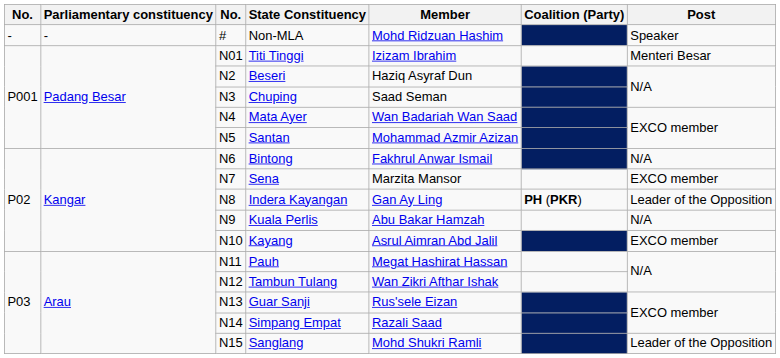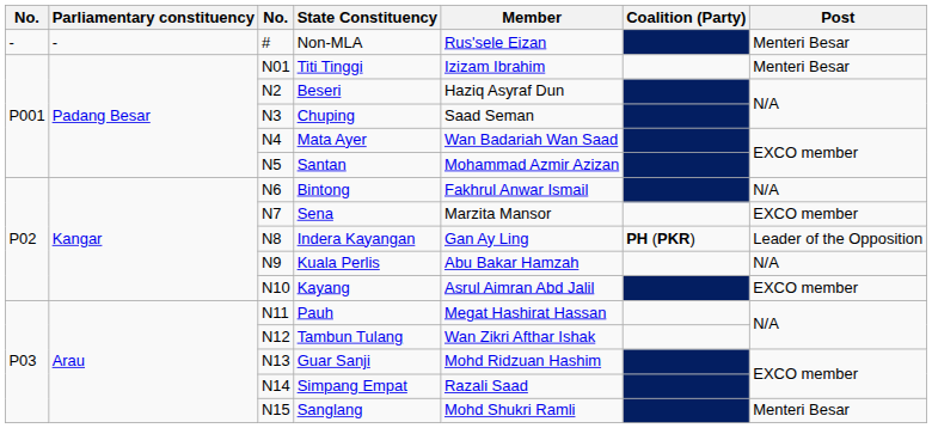 <table class="wikitable sortable">
 <tr>
 <th>No.</th>
 <th>Parliamentary constituency</th>
 <th>No.</th>
 <th>State Constituency</th>
 <th>Member</th>
 <th>Coalition (Party)</th>
 <th>Post</th>
 </tr>
 <tr>
 <td>-</td>
 <td>-</td>
 <td>#</td>
 <td>Non-MLA</td>
-<td><a href='#'>Mohd Ridzuan Hashim</a></td>
+<td><a href='#'>Rus'sele Eizan</a></td>
 <td bgcolor=#031e61></td>
-<td>Speaker</td>
+<td>Menteri Besar</td>
 </tr>
 <tr>
 <td rowspan="5">P001</td>
 <td rowspan="5"><a href='#'>Padang Besar</a></td>
 <td>N01</td>
 <td><a href='#'>Titi Tinggi</a></td>
 <td><a href='#'>Izizam Ibrahim</a></td>
 <td></td>
 <td>Menteri Besar</td>
 </tr>
 <tr>
 <td>N2</td>
 <td><a href='#'>Beseri</a></td>
 <td>Haziq Asyraf Dun</td>
 <td bgcolor=#031e61></td>
 <td rowspan="2">N/A</td>
 </tr>
 <tr>
 <td>N3</td>
 <td><a href='#'>Chuping</a></td>
 <td>Saad Seman</td>
 <td bgcolor=#031e61></td>
 </tr>
 <tr>
 <td>N4</td>
 <td><a href='#'>Mata Ayer</a></td>
 <td><a href='#'>Wan Badariah Wan Saad</a></td>
 <td bgcolor=#031e61></td>
 <td rowspan="2">EXCO member</td>
 </tr>
 <tr>
 <td>N5</td>
 <td><a href='#'>Santan</a></td>
 <td><a href='#'>Mohammad Azmir Azizan</a></td>
 <td bgcolor=#031e61></td>
 </tr>
 <tr>
 <td rowspan="5">P02</td>
 <td rowspan="5"><a href='#'>Kangar</a></td>
 <td>N6</td>
 <td><a href='#'>Bintong</a></td>
 <td><a href='#'>Fakhrul Anwar Ismail</a></td>
 <td bgcolor=#031e61></td>
 <td>N/A</td>
 </tr>
 <tr>
 <td>N7</td>
 <td><a href='#'>Sena</a></td>
 <td>Marzita Mansor</td>
 <td></td>
 <td>EXCO member</td>
 </tr>
 <tr>
 <td>N8</td>
 <td><a href='#'>Indera Kayangan</a></td>
 <td><a href='#'>Gan Ay Ling</a></td>
 <td bgcolor=><strong>PH</strong> (<strong>PKR</strong>)</td>
 <td>Leader of the Opposition</td>
 </tr>
 <tr>
 <td>N9</td>
 <td><a href='#'>Kuala Perlis</a></td>
 <td><a href='#'>Abu Bakar Hamzah</a></td>
 <td></td>
 <td>N/A</td>
 </tr>
 <tr>
 <td>N10</td>
 <td><a href='#'>Kayang</a></td>
 <td><a href='#'>Asrul Aimran Abd Jalil</a></td>
 <td bgcolor=#031e61></td>
 <td>EXCO member</td>
 </tr>
 <tr>
 <td rowspan="5">P03</td>
 <td rowspan="5"><a href='#'>Arau</a></td>
 <td>N11</td>
 <td><a href='#'>Pauh</a></td>
 <td><a href='#'>Megat Hashirat Hassan</a></td>
 <td></td>
 <td rowspan="2">N/A</td>
 </tr>
 <tr>
 <td>N12</td>
 <td><a href='#'>Tambun Tulang</a></td>
 <td><a href='#'>Wan Zikri Afthar Ishak</a></td>
 <td></td>
 </tr>
 <tr>
 <td>N13</td>
 <td><a href='#'>Guar Sanji</a></td>
-<td><a href='#'>Rus'sele Eizan</a></td>
+<td><a href='#'>Mohd Ridzuan Hashim</a></td>
 <td bgcolor=#031e61></td>
 <td rowspan="2">EXCO member</td>
 </tr>
 <tr>
 <td>N14</td>
 <td><a href='#'>Simpang Empat</a></td>
 <td><a href='#'>Razali Saad</a></td>
 <td bgcolor=#031e61></td>
 </tr>
 <tr>
 <td>N15</td>
 <td><a href='#'>Sanglang</a></td>
 <td><a href='#'>Mohd Shukri Ramli</a></td>
 <td bgcolor=#031e61></td>
-<td>Leader of the Opposition</td>
+<td>Menteri Besar</td>
 </tr>
 </table>
